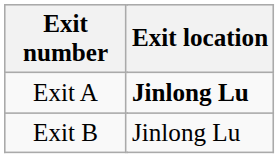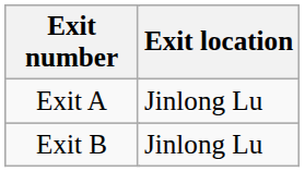 <table class="wikitable">
 <tr>
 <th style="width:70px" colspan="2">Exit number</th>
 <th>Exit location</th>
 </tr>
 <tr>
 <td align="center" colspan="2">Exit A</td>
-<td><strong>Jinlong Lu</strong></td>
+<td>Jinlong Lu</td>
 </tr>
 <tr>
 <td align="center" colspan="2">Exit B</td>
 <td>Jinlong Lu</td>
 </tr>
 </table>
